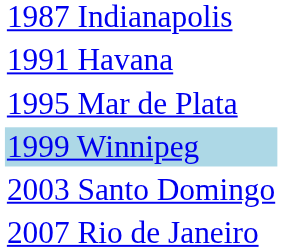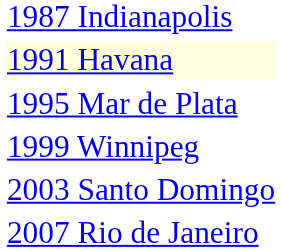 <table>
 <tr>
 <td><a href='#'>1987 Indianapolis</a></td>
 <td></td>
 <td></td>
 <td></td>
 </tr>
 <tr>
-<td><a href='#'>1991 Havana</a></td>
+<td style="background: lightyellow;"><a href='#'>1991 Havana</a></td>
 <td></td>
 <td></td>
 <td></td>
 </tr>
 <tr>
 <td><a href='#'>1995 Mar de Plata</a></td>
 <td></td>
 <td></td>
 <td></td>
 </tr>
 <tr>
-<td style="background: lightblue;"><a href='#'>1999 Winnipeg</a></td>
+<td><a href='#'>1999 Winnipeg</a></td>
 <td></td>
 <td></td>
 <td></td>
 </tr>
 <tr>
 <td><a href='#'>2003 Santo Domingo</a></td>
 <td></td>
 <td></td>
 <td></td>
 </tr>
 <tr>
 <td><a href='#'>2007 Rio de Janeiro</a></td>
 <td></td>
 <td></td>
 <td></td>
 </tr>
 </table>
